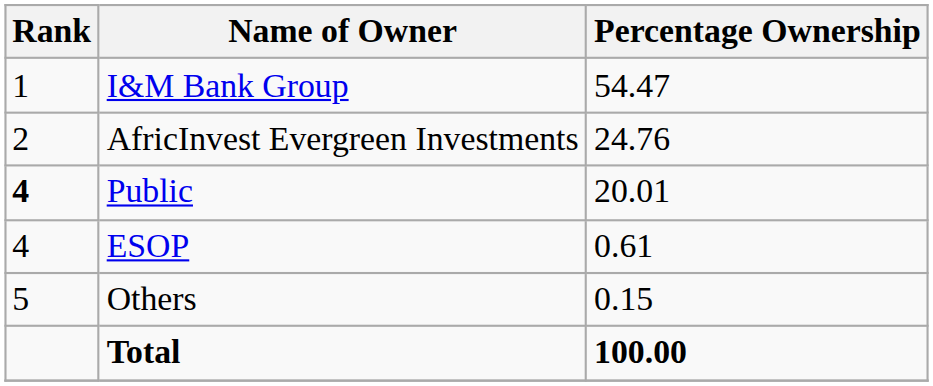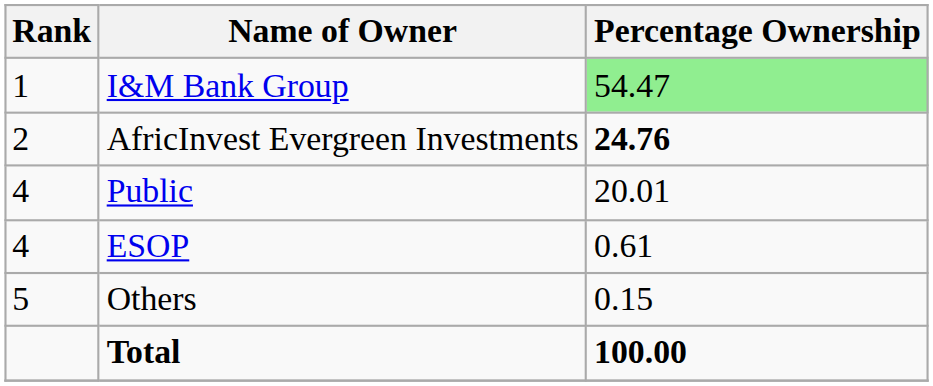 <table class="wikitable sortable" style="margin-left:auto;margin-right:auto">
 <tr>
 <th style="width:2em;">Rank</th>
 <th>Name of Owner</th>
 <th>Percentage Ownership</th>
 </tr>
 <tr>
 <td>1</td>
 <td><a href='#'>I&M Bank Group</a></td>
-<td>54.47</td>
+<td style="background: lightgreen;">54.47</td>
 </tr>
 <tr>
 <td>2</td>
 <td>AfricInvest Evergreen Investments</td>
-<td>24.76</td>
+<td><strong>24.76</strong></td>
 </tr>
 <tr>
-<td><strong>4</strong></td>
+<td>4</td>
 <td><a href='#'>Public</a></td>
 <td>20.01</td>
 </tr>
 <tr>
 <td>4</td>
 <td><a href='#'>ESOP</a></td>
 <td>0.61</td>
 </tr>
 <tr>
 <td>5</td>
 <td>Others</td>
 <td>0.15</td>
 </tr>
 <tr>
 <td></td>
 <td><strong>Total</strong></td>
 <td><strong>100.00</strong></td>
 </tr>
 <tr>
 </tr>
 </table>
